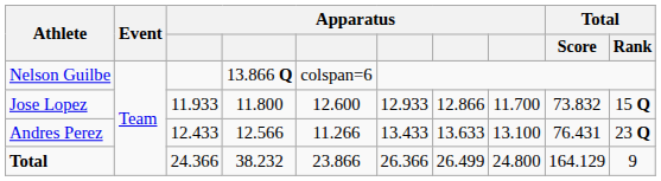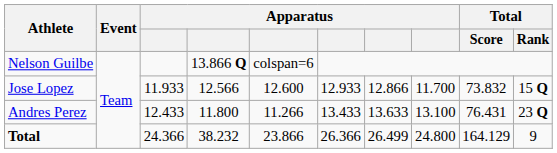 <table class=wikitable style=font-size:90%;text-align:center>
 <tr>
 <th rowspan=2>Athlete</th>
 <th rowspan=2>Event</th>
 <th colspan=6>Apparatus</th>
 <th colspan=2>Total</th>
 </tr>
 <tr style=font-size:95%>
 <th></th>
 <th></th>
 <th></th>
 <th></th>
 <th></th>
 <th></th>
 <th>Score</th>
 <th>Rank</th>
 </tr>
 <tr>
 <td align=left><a href='#'>Nelson Guilbe</a></td>
 <td align=left rowspan=4><a href='#'>Team</a></td>
 <td></td>
 <td>13.866 <strong>Q</strong></td>
 <td>colspan=6 </td>
 </tr>
 <tr>
 <td align=left><a href='#'>Jose Lopez</a></td>
 <td>11.933</td>
-<td>11.800</td>
+<td>12.566</td>
 <td>12.600</td>
 <td>12.933</td>
 <td>12.866</td>
 <td>11.700</td>
 <td>73.832</td>
 <td>15 <strong>Q</strong></td>
 </tr>
 <tr>
 <td align=left><a href='#'>Andres Perez</a></td>
 <td>12.433</td>
-<td>12.566</td>
+<td>11.800</td>
 <td>11.266</td>
 <td>13.433</td>
 <td>13.633</td>
 <td>13.100</td>
 <td>76.431</td>
 <td>23 <strong>Q</strong></td>
 </tr>
 <tr>
 <td align=left><strong>Total</strong></td>
 <td>24.366</td>
 <td>38.232</td>
 <td>23.866</td>
 <td>26.366</td>
 <td>26.499</td>
 <td>24.800</td>
 <td>164.129</td>
 <td>9</td>
 </tr>
 </table>
